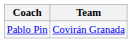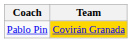 <table class="wikitable">
 <tr>
 <th style="text-align:center;">Coach</th>
 <th style="text-align:center;">Team</th>
 </tr>
 <tr>
 <td> <a href='#'>Pablo Pin</a></td>
-<td><a href='#'>Covirán Granada</a></td>
+<td style="background: gold;"><a href='#'>Covirán Granada</a></td>
 </tr>
 </table>
